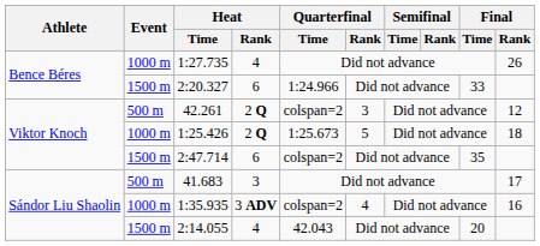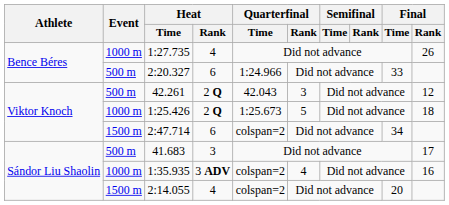 <table class="wikitable" style="font-size:90%">
 <tr>
 <th rowspan=2>Athlete</th>
 <th rowspan=2>Event</th>
 <th colspan=2>Heat</th>
 <th colspan=2>Quarterfinal</th>
 <th colspan=2>Semifinal</th>
 <th colspan=2>Final</th>
 </tr>
 <tr style="font-size:95%">
 <th>Time</th>
 <th>Rank</th>
 <th>Time</th>
 <th>Rank</th>
 <th>Time</th>
 <th>Rank</th>
 <th>Time</th>
 <th>Rank</th>
 </tr>
 <tr align=center>
 <td align=left rowspan=2><a href='#'>Bence Béres</a></td>
 <td align=left><a href='#'>1000 m</a></td>
 <td>1:27.735</td>
 <td>4</td>
 <td colspan=5>Did not advance</td>
 <td>26</td>
 </tr>
 <tr align=center>
-<td align=left><a href='#'>1500 m</a></td>
+<td align=left><a href='#'>500 m</a></td>
 <td>2:20.327</td>
 <td>6</td>
 <td>1:24.966</td>
 <td colspan=3>Did not advance</td>
 <td>33</td>
 </tr>
 <tr align=center>
 <td align=left rowspan=3><a href='#'>Viktor Knoch</a></td>
 <td align=left><a href='#'>500 m</a></td>
 <td>42.261</td>
 <td>2 <strong>Q</strong></td>
-<td>colspan=2 </td>
+<td>42.043</td>
 <td>3</td>
 <td colspan=3>Did not advance</td>
 <td>12</td>
 </tr>
 <tr align=center>
 <td align=left><a href='#'>1000 m</a></td>
 <td>1:25.426</td>
 <td>2 <strong>Q</strong></td>
 <td>1:25.673</td>
 <td>5</td>
 <td colspan=3>Did not advance</td>
 <td>18</td>
 </tr>
 <tr align=center>
 <td align=left><a href='#'>1500 m</a></td>
 <td>2:47.714</td>
 <td>6</td>
 <td>colspan=2 </td>
 <td colspan=3>Did not advance</td>
-<td>35</td>
+<td>34</td>
 </tr>
 <tr align=center>
 <td align=left rowspan=3><a href='#'>Sándor Liu Shaolin</a></td>
 <td align=left><a href='#'>500 m</a></td>
 <td>41.683</td>
 <td>3</td>
 <td colspan=5>Did not advance</td>
 <td>17</td>
 </tr>
 <tr align=center>
 <td align=left><a href='#'>1000 m</a></td>
 <td>1:35.935</td>
 <td>3 <strong>ADV</strong></td>
 <td>colspan=2 </td>
 <td>4</td>
 <td colspan=3>Did not advance</td>
 <td>16</td>
 </tr>
 <tr align=center>
 <td align=left><a href='#'>1500 m</a></td>
 <td>2:14.055</td>
 <td>4</td>
-<td>42.043</td>
+<td>colspan=2 </td>
 <td colspan=3>Did not advance</td>
 <td>20</td>
 </tr>
 </table>
